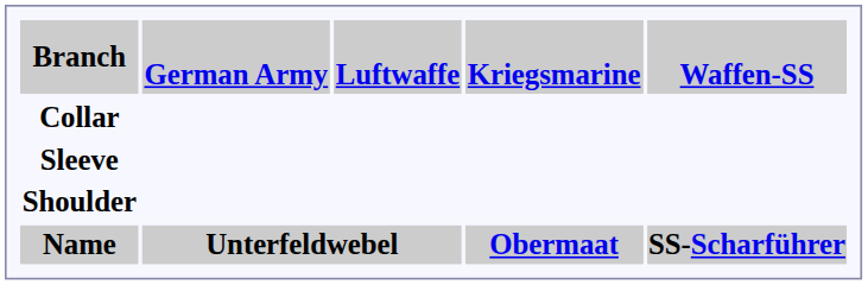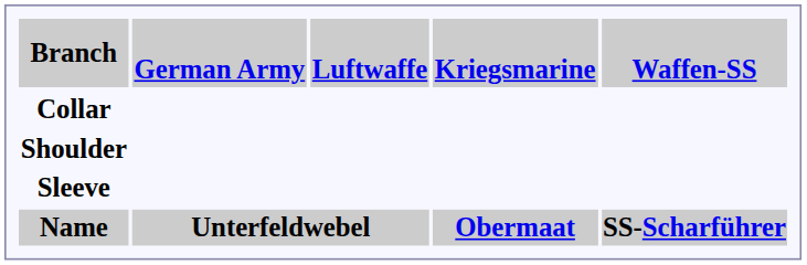 <table style="border:1px solid #8888aa; background-color:#f7f8ff; padding:5px; font-size:95%; margin: 0px 12px 12px 0px;">
 <tr bgcolor="#CCCCCC">
 <th>Branch</th>
 <th><br><a href='#'>German Army</a></th>
 <th><br><a href='#'>Luftwaffe</a></th>
 <th><br><a href='#'>Kriegsmarine</a></th>
 <th><br><a href='#'>Waffen-SS</a></th>
 </tr>
 <tr style="text-align:center;">
 <th>Collar</th>
 <td></td>
 <td></td>
 <td></td>
 <td></td>
 </tr>
 <tr style="text-align:center;">
-<th>Sleeve</th>
+<th>Shoulder</th>
 <td></td>
 <td></td>
 <td></td>
 <td></td>
 </tr>
 <tr style="text-align:center;">
-<th>Shoulder</th>
+<th>Sleeve</th>
 <td></td>
 <td></td>
 <td></td>
 <td></td>
 </tr>
 <tr bgcolor="#CCCCCC" ; style="text-align:center;">
 <th>Name</th>
 <th colspan=2><strong>Unterfeldwebel</strong></th>
 <th><a href='#'>Obermaat</a></th>
 <th>SS-<a href='#'>Scharführer</a></th>
 </tr>
 </table>
